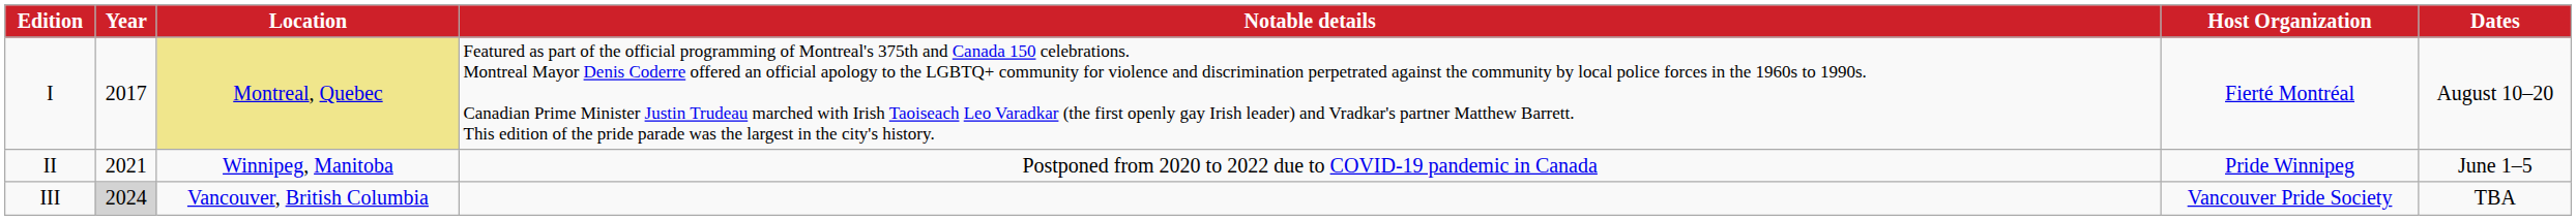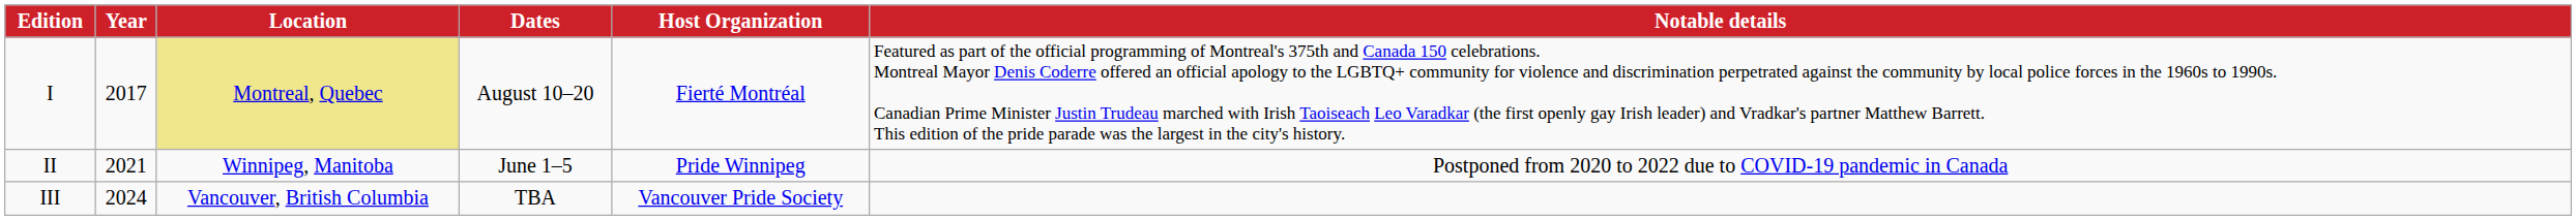 <table class="wikitable" style="text-align:center; width:100%;">
 <tr>
 <th style="background:#ce2029; color:white;">Edition</th>
 <th style="background:#ce2029; color:white;">Year</th>
 <th style="background:#ce2029; color:white;">Location</th>
+<th style="background:#ce2029; color:white;">Dates</th>
+<th style="background:#ce2029; color:white;">Host Organization</th>
 <th style="background:#ce2029; color:white;">Notable details</th>
-<th style="background:#ce2029; color:white;">Host Organization</th>
-<th style="background:#ce2029; color:white;">Dates</th>
 </tr>
 <tr>
 <td>I</td>
 <td>2017</td>
 <td style="background: khaki;"><a href='#'>Montreal</a>, <a href='#'>Quebec</a></td>
+<td>August 10–20</td>
+<td><a href='#'>Fierté Montréal</a></td>
 <td style="text-align:left; font-size:85%;">Featured as part of the official programming of Montreal's 375th and <a href='#'>Canada 150</a> celebrations.<br>Montreal Mayor <a href='#'>Denis Coderre</a> offered an official apology to the LGBTQ+ community for violence and discrimination perpetrated against the community by local police forces in the 1960s to 1990s.<br><br>Canadian Prime Minister <a href='#'>Justin Trudeau</a> marched with Irish <a href='#'>Taoiseach</a> <a href='#'>Leo Varadkar</a> (the first openly gay Irish leader) and Vradkar's partner Matthew Barrett.  <br>This edition of the pride parade was the largest in the city's history.</td>
-<td><a href='#'>Fierté Montréal</a></td>
-<td>August 10–20</td>
 </tr>
 <tr>
 <td>II</td>
 <td>2021</td>
 <td><a href='#'>Winnipeg</a>, <a href='#'>Manitoba</a></td>
+<td>June 1–5</td>
+<td><a href='#'>Pride Winnipeg</a></td>
 <td>Postponed from 2020 to 2022 due to <a href='#'>COVID-19 pandemic in Canada</a></td>
-<td><a href='#'>Pride Winnipeg</a></td>
-<td>June 1–5</td>
 </tr>
 <tr>
 <td>III</td>
-<td style="background: lightgrey;">2024</td>
+<td>2024</td>
 <td><a href='#'>Vancouver</a>, <a href='#'>British Columbia</a></td>
+<td>TBA</td>
+<td><a href='#'>Vancouver Pride Society</a></td>
 <td></td>
-<td><a href='#'>Vancouver Pride Society</a></td>
-<td>TBA</td>
 </tr>
 </table>
